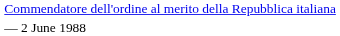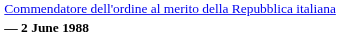 <table>
 <tr>
 <td rowspan=2 style="width:60px; vertical-align:top;"></td>
 <td><a href='#'>Commendatore dell'ordine al merito della Repubblica italiana</a></td>
 </tr>
 <tr>
-<td>— 2 June 1988</td>
+<td><strong>— 2 June 1988</strong></td>
 </tr>
 </table>
